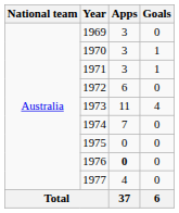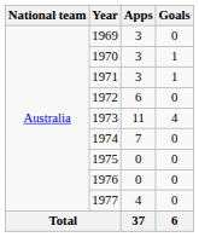 <table class="wikitable" style="text-align:center">
 <tr>
 <th>National team</th>
 <th>Year</th>
 <th>Apps</th>
 <th>Goals</th>
 </tr>
 <tr>
 <td rowspan="9"><a href='#'>Australia</a></td>
 <td>1969</td>
 <td>3</td>
 <td>0</td>
 </tr>
 <tr>
 <td>1970</td>
 <td>3</td>
 <td>1</td>
 </tr>
 <tr>
 <td>1971</td>
 <td>3</td>
 <td>1</td>
 </tr>
 <tr>
 <td>1972</td>
 <td>6</td>
 <td>0</td>
 </tr>
 <tr>
 <td>1973</td>
 <td>11</td>
 <td>4</td>
 </tr>
 <tr>
 <td>1974</td>
 <td>7</td>
 <td>0</td>
 </tr>
 <tr>
 <td>1975</td>
 <td>0</td>
 <td>0</td>
 </tr>
 <tr>
 <td>1976</td>
-<td><strong>0</strong></td>
+<td>0</td>
 <td>0</td>
 </tr>
 <tr>
 <td>1977</td>
 <td>4</td>
 <td>0</td>
 </tr>
 <tr>
 <th colspan="2">Total</th>
 <th>37</th>
 <th>6</th>
 </tr>
 </table>
